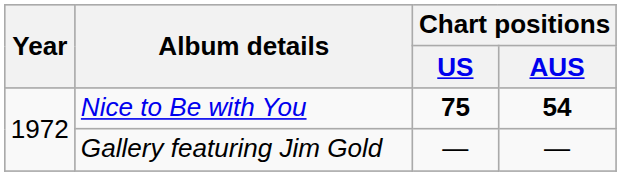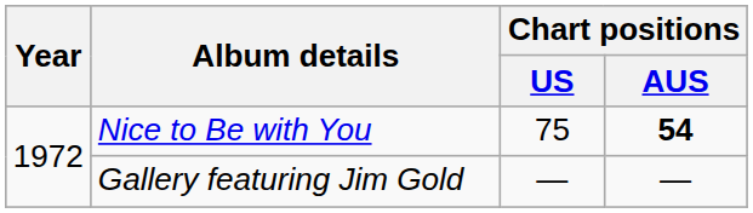 <table class="wikitable" border="1">
 <tr>
 <th rowspan="2">Year</th>
 <th rowspan="2" width="200">Album details</th>
 <th colspan="2">Chart positions</th>
 </tr>
 <tr>
 <th><a href='#'>US</a><br></th>
 <th><a href='#'>AUS</a><br></th>
 </tr>
 <tr>
 <td rowspan="2">1972</td>
 <td><em><a href='#'>Nice to Be with You</a></em></td>
-<td align="center"><strong>75</strong></td>
+<td align="center">75</td>
 <td align="center"><strong>54</strong></td>
 </tr>
 <tr>
 <td><em>Gallery featuring Jim Gold</em></td>
 <td align="center">—</td>
 <td align="center">—</td>
 </tr>
 </table>
